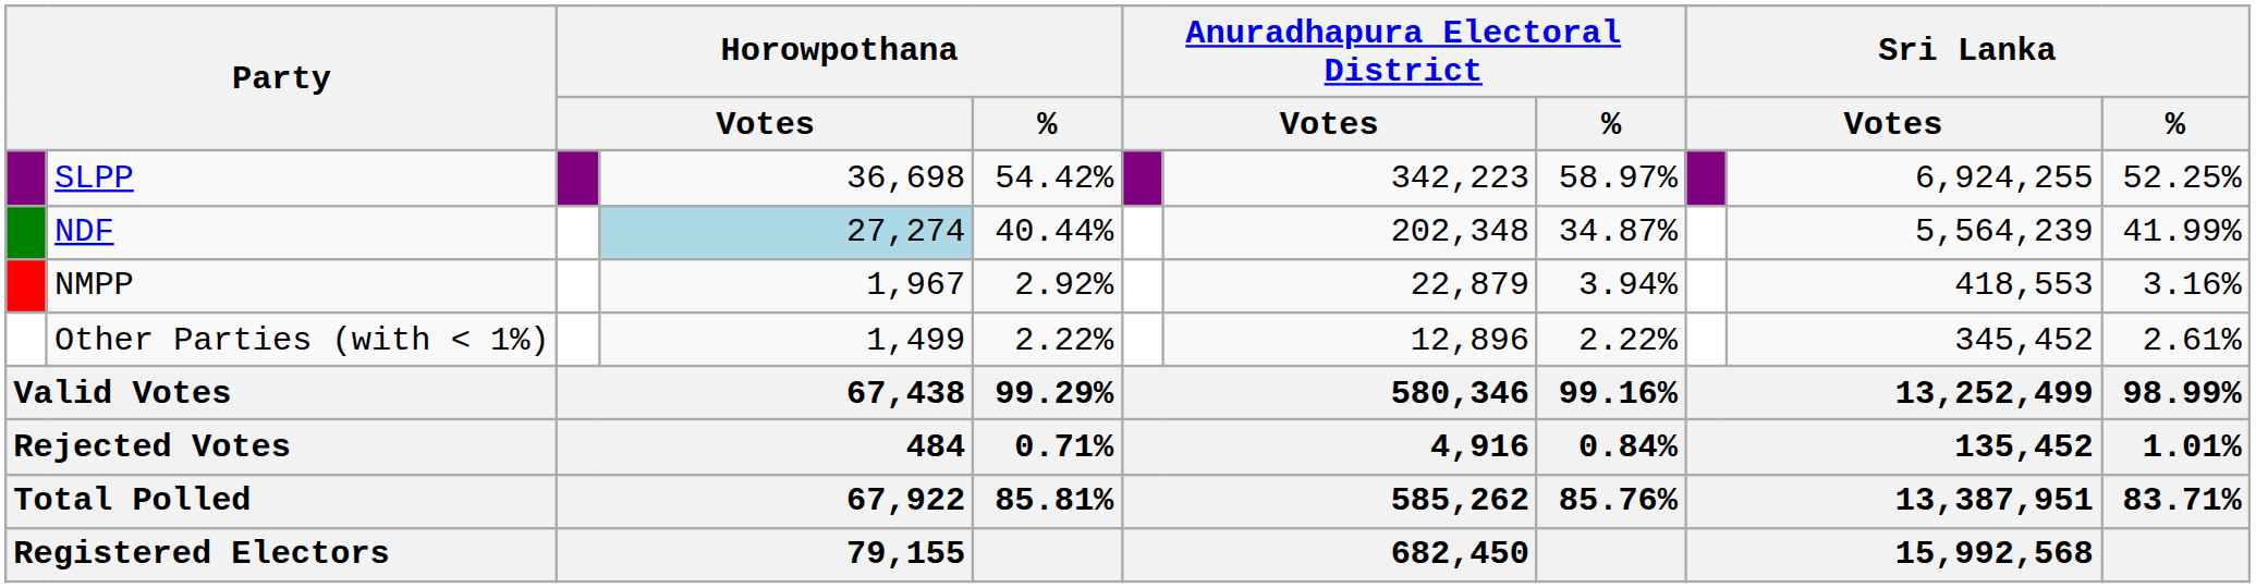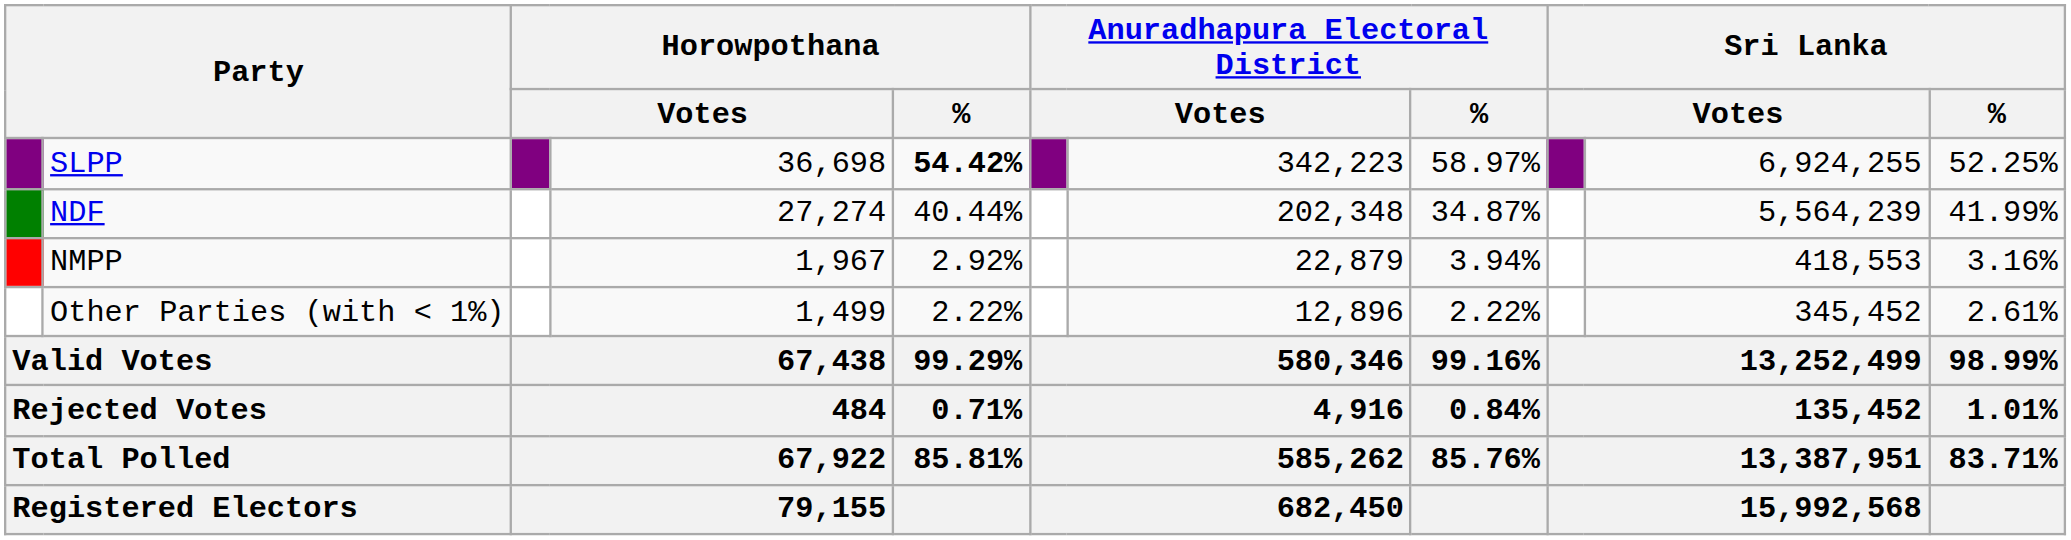 <table class="wikitable">
 <tr>
 <th colspan="2" width="144px"rowspan="2">Party</th>
 <th colspan="3" width="216px">Horowpothana</th>
 <th colspan="3" width="216px"><a href='#'>Anuradhapura Electoral District</a></th>
 <th colspan="3" width="216px">Sri Lanka</th>
 </tr>
 <tr>
 <th colspan="2" width="144px">Votes</th>
 <th>%</th>
 <th colspan="2" width="144px">Votes</th>
 <th>%</th>
 <th colspan="2" width="144px">Votes</th>
 <th>%</th>
 </tr>
 <tr>
 <td style="background-color:purple;" width="10px"></td>
 <td style="text-align:left;"><a href='#'>SLPP</a></td>
 <td style="background-color:purple;" width="10px"></td>
 <td style="text-align:right;">36,698</td>
-<td style="text-align:right;">54.42%</td>
+<td style="text-align:right;"><strong>54.42%</strong></td>
 <td style="background-color:purple;" width="10px"></td>
 <td style="text-align:right;">342,223</td>
 <td style="text-align:right;">58.97%</td>
 <td style="background-color:purple;" width="10px"></td>
 <td style="text-align:right;">6,924,255</td>
 <td style="text-align:right;">52.25%</td>
 </tr>
 <tr>
 <td style="background-color:green;" width="10px"></td>
 <td style="text-align:left;"><a href='#'>NDF</a></td>
 <td style="background-color:white;" width="10px"></td>
-<td style="background: lightblue; text-align:right;">27,274</td>
+<td style="text-align:right;">27,274</td>
 <td style="text-align:right;">40.44%</td>
 <td style="background-color:white;" width="10px"></td>
 <td style="text-align:right;">202,348</td>
 <td style="text-align:right;">34.87%</td>
 <td style="background-color:white;" width="10px"></td>
 <td style="text-align:right;">5,564,239</td>
 <td style="text-align:right;">41.99%</td>
 </tr>
 <tr>
 <td style="background-color:red;" width="10px"></td>
 <td style="text-align:left;">NMPP</td>
 <td style="background-color:white;" width="10px"></td>
 <td style="text-align:right;">1,967</td>
 <td style="text-align:right;">2.92%</td>
 <td style="background-color:white;" width="10px"></td>
 <td style="text-align:right;">22,879</td>
 <td style="text-align:right;">3.94%</td>
 <td style="background-color:white;" width="10px"></td>
 <td style="text-align:right;">418,553</td>
 <td style="text-align:right;">3.16%</td>
 </tr>
 <tr>
 <td style="background-color:white;" width="10px"></td>
 <td style="text-align:left;">Other Parties (with < 1%)</td>
 <td style="background-color:white;" width="10px"></td>
 <td style="text-align:right;">1,499</td>
 <td style="text-align:right;">2.22%</td>
 <td style="background-color:white;" width="10px"></td>
 <td style="text-align:right;">12,896</td>
 <td style="text-align:right;">2.22%</td>
 <td style="background-color:white;" width="10px"></td>
 <td style="text-align:right;">345,452</td>
 <td style="text-align:right;">2.61%</td>
 </tr>
 <tr>
 <th colspan="2" width="144px"style="text-align:left;">Valid Votes</th>
 <th style="text-align:right;"colspan="2" width="144px">67,438</th>
 <th style="text-align:right;">99.29%</th>
 <th style="text-align:right;"colspan="2" width="144px">580,346</th>
 <th style="text-align:right;">99.16%</th>
 <th style="text-align:right;"colspan="2" width="144px">13,252,499</th>
 <th style="text-align:right;">98.99%</th>
 </tr>
 <tr>
 <th colspan="2" width="144px"style="text-align:left;">Rejected Votes</th>
 <th style="text-align:right;"colspan="2" width="144px">484</th>
 <th style="text-align:right;">0.71%</th>
 <th style="text-align:right;"colspan="2" width="144px">4,916</th>
 <th style="text-align:right;">0.84%</th>
 <th style="text-align:right;"colspan="2" width="144px">135,452</th>
 <th style="text-align:right;">1.01%</th>
 </tr>
 <tr>
 <th colspan="2" width="144px"style="text-align:left;">Total Polled</th>
 <th style="text-align:right;"colspan="2" width="144px">67,922</th>
 <th style="text-align:right;">85.81%</th>
 <th style="text-align:right;"colspan="2" width="144px">585,262</th>
 <th style="text-align:right;">85.76%</th>
 <th style="text-align:right;"colspan="2" width="144px">13,387,951</th>
 <th style="text-align:right;">83.71%</th>
 </tr>
 <tr>
 <th colspan="2" width="144px"style="text-align:left;">Registered Electors</th>
 <th style="text-align:right;"colspan="2" width="144px">79,155</th>
 <th></th>
 <th style="text-align:right;"colspan="2" width="144px">682,450</th>
 <th></th>
 <th style="text-align:right;"colspan="2" width="144px">15,992,568</th>
 <th></th>
 </tr>
 </table>
